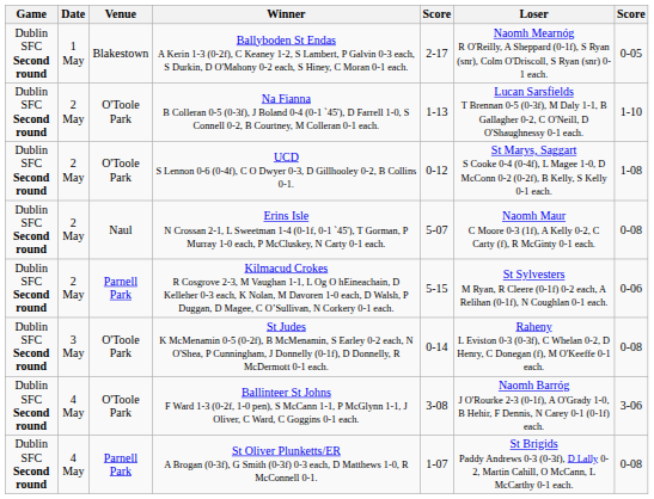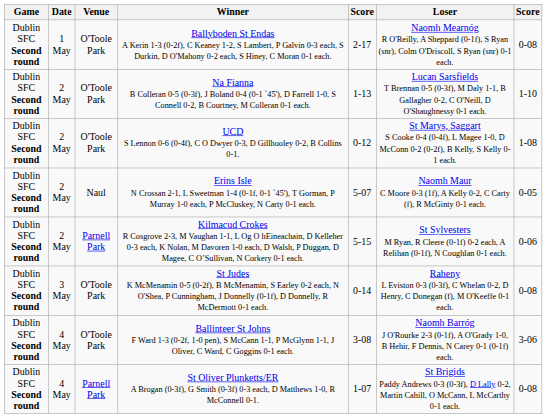 <table class="wikitable">
 <tr>
 <th>Game</th>
 <th>Date</th>
 <th>Venue</th>
 <th>Winner</th>
 <th>Score</th>
 <th>Loser</th>
 <th>Score</th>
 </tr>
 <tr align="center">
 <td>Dublin SFC<br><strong>Second round</strong></td>
 <td>1 May</td>
-<td>Blakestown</td>
+<td>O'Toole Park</td>
 <td><a href='#'>Ballyboden St Endas</a><br><small>A Kerin 1-3 (0-2f), C Keaney 1-2, S Lambert, P Galvin 0-3 each, S Durkin, D O'Mahony 0-2 each, S Hiney, C Moran 0-1 each.</small></td>
 <td>2-17</td>
 <td><a href='#'>Naomh Mearnóg</a><br><small>R O'Reilly, A Sheppard (0-1f), S Ryan (snr), Colm O'Driscoll, S Ryan (snr) 0-1 each.</small></td>
-<td>0-05</td>
+<td>0-08</td>
 </tr>
 <tr align="center">
 <td>Dublin SFC<br><strong>Second round</strong></td>
 <td>2 May</td>
 <td>O'Toole Park</td>
 <td><a href='#'>Na Fianna</a><br><small>B Colleran 0-5 (0-3f), J Boland 0-4 (0-1 `45'), D Farrell 1-0, S Connell 0-2, B Courtney, M Colleran 0-1 each.</small></td>
 <td>1-13</td>
 <td><a href='#'>Lucan Sarsfields</a><br><small>T Brennan 0-5 (0-3f), M Daly 1-1, B Gallagher 0-2, C O'Neill, D O'Shaughnessy 0-1 each.</small></td>
 <td>1-10</td>
 </tr>
 <tr align="center">
 <td>Dublin SFC<br><strong>Second round</strong></td>
 <td>2 May</td>
 <td>O'Toole Park</td>
 <td><a href='#'>UCD</a><br><small>S Lennon 0-6 (0-4f), C O Dwyer 0-3, D Gillhooley 0-2, B Collins 0-1.</small></td>
 <td>0-12</td>
 <td><a href='#'>St Marys, Saggart</a><br><small>S Cooke 0-4 (0-4f), L Magee 1-0, D McConn 0-2 (0-2f), B Kelly, S Kelly 0-1 each.</small></td>
 <td>1-08</td>
 </tr>
 <tr align="center">
 <td>Dublin SFC<br><strong>Second round</strong></td>
 <td>2 May</td>
 <td>Naul</td>
 <td><a href='#'>Erins Isle</a><br><small>N Crossan 2-1, L Sweetman 1-4 (0-1f, 0-1 `45'), T Gorman, P Murray 1-0 each, P McCluskey, N Carty 0-1 each.</small></td>
 <td>5-07</td>
 <td><a href='#'>Naomh Maur</a><br><small>C Moore 0-3 (1f), A Kelly 0-2, C Carty (f), R McGinty 0-1 each.</small></td>
-<td>0-08</td>
+<td>0-05</td>
 </tr>
 <tr align="center">
 <td>Dublin SFC<br><strong>Second round</strong></td>
 <td>2 May</td>
 <td><a href='#'>Parnell Park</a></td>
 <td><a href='#'>Kilmacud Crokes</a><br><small>R Cosgrove 2-3, M Vaughan 1-1, L Og O hEineachain, D Kelleher 0-3 each, K Nolan, M Davoren 1-0 each, D Walsh, P Duggan, D Magee, C O’Sullivan, N Corkery 0-1 each.</small></td>
 <td>5-15</td>
 <td><a href='#'>St Sylvesters</a><br><small>M Ryan, R Cleere (0-1f) 0-2 each, A Relihan (0-1f), N Coughlan 0-1 each.</small></td>
 <td>0-06</td>
 </tr>
 <tr align="center">
 <td>Dublin SFC<br><strong>Second round</strong></td>
 <td>3 May</td>
 <td>O'Toole Park</td>
 <td><a href='#'>St Judes</a><br><small>K McMenamin 0-5 (0-2f), B McMenamin, S Earley 0-2 each, N O'Shea, P Cunningham, J Donnelly (0-1f), D Donnelly, R McDermott 0-1 each.</small></td>
 <td>0-14</td>
 <td><a href='#'>Raheny</a><br><small>L Eviston 0-3 (0-3f), C Whelan 0-2, D Henry, C Donegan (f), M O'Keeffe 0-1 each.</small></td>
 <td>0-08</td>
 </tr>
 <tr align="center">
 <td>Dublin SFC<br><strong>Second round</strong></td>
 <td>4 May</td>
 <td>O'Toole Park</td>
 <td><a href='#'>Ballinteer St Johns</a><br><small>F Ward 1-3 (0-2f, 1-0 pen), S McCann 1-1, P McGlynn 1-1, J Oliver, C Ward, C Goggins 0-1 each.</small></td>
 <td>3-08</td>
 <td><a href='#'>Naomh Barróg</a><br><small>J O'Rourke 2-3 (0-1f), A O'Grady 1-0, B Hehir, F Dennis, N Carey 0-1 (0-1f) each.</small></td>
 <td>3-06</td>
 </tr>
 <tr align="center">
 <td>Dublin SFC<br><strong>Second round</strong></td>
 <td>4 May</td>
 <td><a href='#'>Parnell Park</a></td>
 <td><a href='#'>St Oliver Plunketts/ER</a><br><small>A Brogan (0-3f), G Smith (0-3f) 0-3 each, D Matthews 1-0, R McConnell 0-1.</small></td>
 <td>1-07</td>
 <td><a href='#'>St Brigids</a><br><small>Paddy Andrews 0-3 (0-3f), <a href='#'>D Lally</a> 0-2, Martin Cahill, O McCann, L McCarthy 0-1 each.</small></td>
 <td>0-08</td>
 </tr>
 </table>
